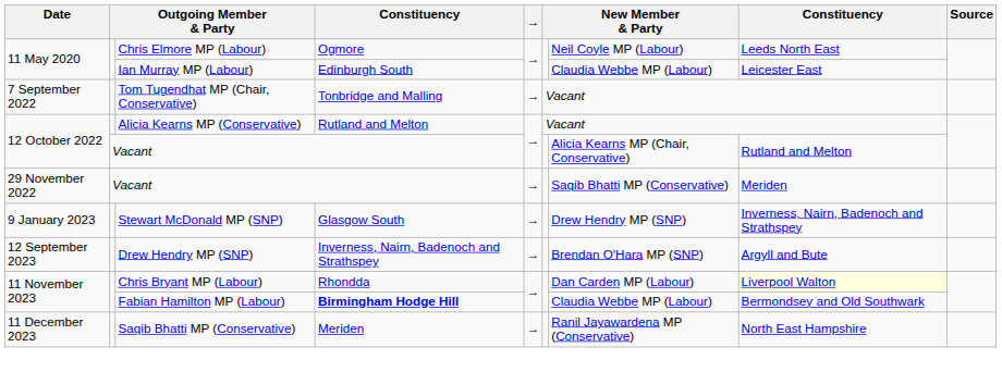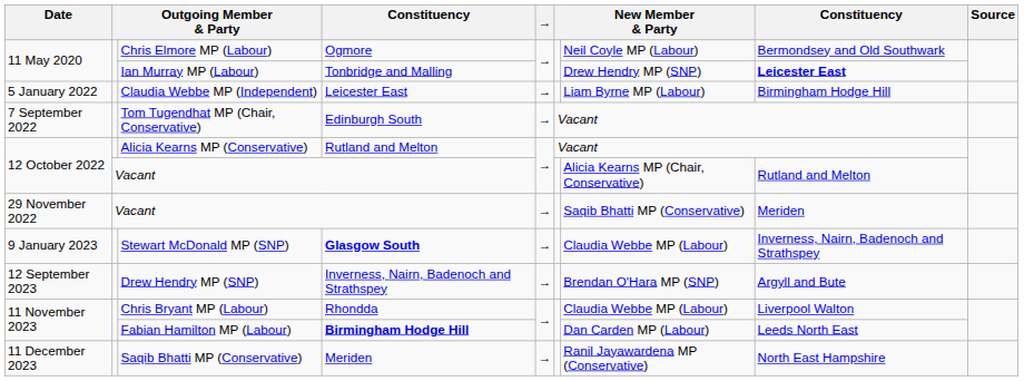 <table class="wikitable">
 <tr>
 <th valign="top">Date</th>
 <th colspan="2" valign="top">Outgoing Member<br>& Party</th>
 <th valign="top">Constituency</th>
 <th>→</th>
 <th colspan="2" valign="top">New Member<br>& Party</th>
 <th valign="top">Constituency</th>
 <th valign="top">Source</th>
 </tr>
 <tr>
 <td rowspan=2>11 May 2020</td>
 <td rowspan=2 style="color:inherit;background:"></td>
 <td><a href='#'>Chris Elmore</a> MP (<a href='#'>Labour</a>)</td>
 <td><a href='#'>Ogmore</a></td>
 <td rowspan=2>→</td>
 <td rowspan=2 style="color:inherit;background:"></td>
 <td><a href='#'>Neil Coyle</a> MP (<a href='#'>Labour</a>)</td>
-<td><a href='#'>Leeds North East</a></td>
+<td><a href='#'>Bermondsey and Old Southwark</a></td>
 <td rowspan=2></td>
 </tr>
 <tr>
 <td><a href='#'>Ian Murray</a> MP (<a href='#'>Labour</a>)</td>
-<td><a href='#'>Edinburgh South</a></td>
-<td><a href='#'>Claudia Webbe</a> MP (<a href='#'>Labour</a>)</td>
+<td><a href='#'>Tonbridge and Malling</a></td>
+<td><a href='#'>Drew Hendry</a> MP (<a href='#'>SNP</a>)</td>
+<td><strong><a href='#'>Leicester East</a></strong></td>
+</tr>
+<tr>
+<td>5 January 2022</td>
+<td></td>
+<td><a href='#'>Claudia Webbe</a> MP (<a href='#'>Independent</a>)</td>
 <td><a href='#'>Leicester East</a></td>
+<td>→</td>
+<td style="color:inherit;background:"></td>
+<td><a href='#'>Liam Byrne</a> MP (<a href='#'>Labour</a>)</td>
+<td><a href='#'>Birmingham Hodge Hill</a></td>
+<td></td>
 </tr>
 <tr>
 <td>7 September 2022</td>
 <td></td>
 <td><a href='#'>Tom Tugendhat</a> MP (Chair, <a href='#'>Conservative</a>)</td>
-<td><a href='#'>Tonbridge and Malling</a></td>
+<td><a href='#'>Edinburgh South</a></td>
 <td>→</td>
 <td colspan=3><em>Vacant</em></td>
 <td></td>
 </tr>
 <tr>
 <td rowspan=2>12 October 2022</td>
 <td></td>
 <td><a href='#'>Alicia Kearns</a> MP (<a href='#'>Conservative</a>)</td>
 <td><a href='#'>Rutland and Melton</a></td>
 <td rowspan=2>→</td>
 <td colspan=3><em>Vacant</em></td>
 <td rowspan=2></td>
 </tr>
 <tr>
 <td colspan=3><em>Vacant</em></td>
 <td></td>
 <td><a href='#'>Alicia Kearns</a> MP (Chair, <a href='#'>Conservative</a>)</td>
 <td><a href='#'>Rutland and Melton</a></td>
 </tr>
 <tr>
 <td>29 November 2022</td>
 <td colspan=3><em>Vacant</em></td>
 <td>→</td>
 <td></td>
 <td><a href='#'>Saqib Bhatti</a> MP (<a href='#'>Conservative</a>)</td>
 <td><a href='#'>Meriden</a></td>
 <td></td>
 </tr>
 <tr>
 <td>9 January 2023</td>
 <td></td>
 <td><a href='#'>Stewart McDonald</a> MP (<a href='#'>SNP</a>)</td>
-<td><a href='#'>Glasgow South</a></td>
+<td><strong><a href='#'>Glasgow South</a></strong></td>
 <td>→</td>
 <td></td>
-<td><a href='#'>Drew Hendry</a> MP (<a href='#'>SNP</a>)</td>
+<td><a href='#'>Claudia Webbe</a> MP (<a href='#'>Labour</a>)</td>
 <td><a href='#'>Inverness, Nairn, Badenoch and Strathspey</a></td>
 <td></td>
 </tr>
 <tr>
 <td>12 September 2023</td>
 <td></td>
 <td><a href='#'>Drew Hendry</a> MP (<a href='#'>SNP</a>)</td>
 <td><a href='#'>Inverness, Nairn, Badenoch and Strathspey</a></td>
 <td>→</td>
 <td></td>
 <td><a href='#'>Brendan O'Hara</a> MP (<a href='#'>SNP</a>)</td>
 <td><a href='#'>Argyll and Bute</a></td>
 <td></td>
 </tr>
 <tr>
 <td rowspan=2>11 November 2023</td>
 <td rowspan=2 style="color:inherit;background:"></td>
 <td><a href='#'>Chris Bryant</a> MP (<a href='#'>Labour</a>)</td>
 <td><a href='#'>Rhondda</a></td>
 <td rowspan=2>→</td>
 <td rowspan=2 style="color:inherit;background:"></td>
-<td><a href='#'>Dan Carden</a> MP (<a href='#'>Labour</a>)</td>
-<td style="background: lightyellow;"><a href='#'>Liverpool Walton</a></td>
+<td><a href='#'>Claudia Webbe</a> MP (<a href='#'>Labour</a>)</td>
+<td><a href='#'>Liverpool Walton</a></td>
 <td rowspan=2></td>
 </tr>
 <tr>
 <td><a href='#'>Fabian Hamilton</a> MP (<a href='#'>Labour</a>)</td>
 <td><strong><a href='#'>Birmingham Hodge Hill</a></strong></td>
-<td><a href='#'>Claudia Webbe</a> MP (<a href='#'>Labour</a>)</td>
-<td><a href='#'>Bermondsey and Old Southwark</a></td>
+<td><a href='#'>Dan Carden</a> MP (<a href='#'>Labour</a>)</td>
+<td><a href='#'>Leeds North East</a></td>
 </tr>
 <tr>
 <td>11 December 2023</td>
 <td></td>
 <td><a href='#'>Saqib Bhatti</a> MP (<a href='#'>Conservative</a>)</td>
 <td><a href='#'>Meriden</a></td>
 <td>→</td>
 <td></td>
 <td><a href='#'>Ranil Jayawardena</a> MP (<a href='#'>Conservative</a>)</td>
 <td><a href='#'>North East Hampshire</a></td>
 <td></td>
 </tr>
 </table>
